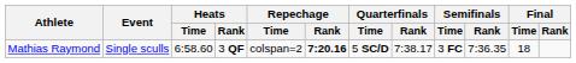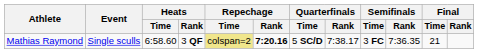 <table class="wikitable" style="font-size:90%">
 <tr>
 <th rowspan="2">Athlete</th>
 <th rowspan="2">Event</th>
 <th colspan="2">Heats</th>
 <th colspan="2">Repechage</th>
 <th colspan=2>Quarterfinals</th>
 <th colspan="2">Semifinals</th>
 <th colspan="2">Final</th>
 </tr>
 <tr style="font-size:95%">
 <th>Time</th>
 <th>Rank</th>
 <th>Time</th>
 <th>Rank</th>
 <th>Time</th>
 <th>Rank</th>
 <th>Time</th>
 <th>Rank</th>
 <th>Time</th>
 <th>Rank</th>
 </tr>
 <tr align=center>
 <td align=left><a href='#'>Mathias Raymond</a></td>
 <td align=left><a href='#'>Single sculls</a></td>
 <td>6:58.60</td>
 <td>3 <strong>QF</strong></td>
-<td>colspan=2 </td>
+<td style="background: khaki;">colspan=2 </td>
 <td><strong>7:20.16</strong></td>
 <td>5 <strong>SC/D</strong></td>
 <td>7:38.17</td>
 <td>3 <strong>FC</strong></td>
 <td>7:36.35</td>
-<td>18</td>
+<td>21</td>
 </tr>
 </table>
